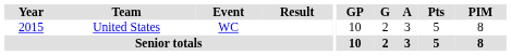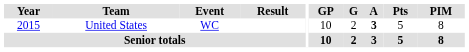 <table border="0" cellpadding="1" cellspacing="0" ID="Table3" style="text-align:center; width:40em">
 <tr ALIGN="center" bgcolor="#e0e0e0">
 <th>Year</th>
 <th>Team</th>
 <th>Event</th>
 <th>Result</th>
 <th rowspan="99" bgcolor="#ffffff"></th>
 <th>GP</th>
 <th>G</th>
 <th>A</th>
 <th>Pts</th>
 <th>PIM</th>
 </tr>
 <tr>
 <td><a href='#'>2015</a></td>
 <td><a href='#'>United States</a></td>
 <td><a href='#'>WC</a></td>
 <td></td>
 <td>10</td>
 <td>2</td>
-<td>3</td>
+<td><strong>3</strong></td>
 <td>5</td>
 <td>8</td>
 </tr>
 <tr bgcolor="#e0e0e0">
 <th colspan="4">Senior totals</th>
 <th>10</th>
 <th>2</th>
 <th>3</th>
 <th>5</th>
 <th>8</th>
 </tr>
 </table>
